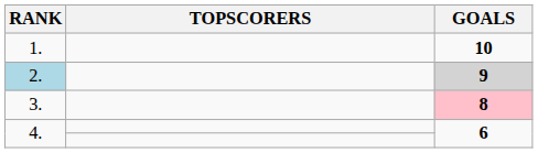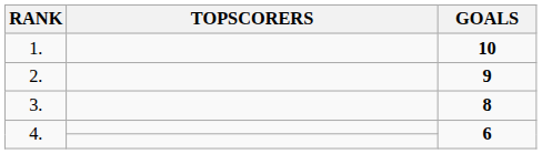 <table class="wikitable">
 <tr>
 <th>RANK</th>
 <th style="width: 20em">TOPSCORERS</th>
 <th style="width: 5em">GOALS</th>
 </tr>
 <tr>
 <td align="center">1.</td>
 <td></td>
 <td align="center"><strong>10</strong></td>
 </tr>
 <tr>
-<td align="center" style="background: lightblue;">2.</td>
+<td align="center">2.</td>
 <td></td>
-<td align="center" style="background: lightgrey;"><strong>9</strong></td>
+<td align="center"><strong>9</strong></td>
 </tr>
 <tr>
 <td align="center">3.</td>
 <td></td>
-<td align="center" style="background: pink;"><strong>8</strong></td>
+<td align="center"><strong>8</strong></td>
 </tr>
 <tr>
 <td rowspan=2 align="center">4.</td>
 <td></td>
 <td rowspan=2 align="center"><strong>6</strong></td>
 </tr>
 <tr>
 <td></td>
 </tr>
 </table>
